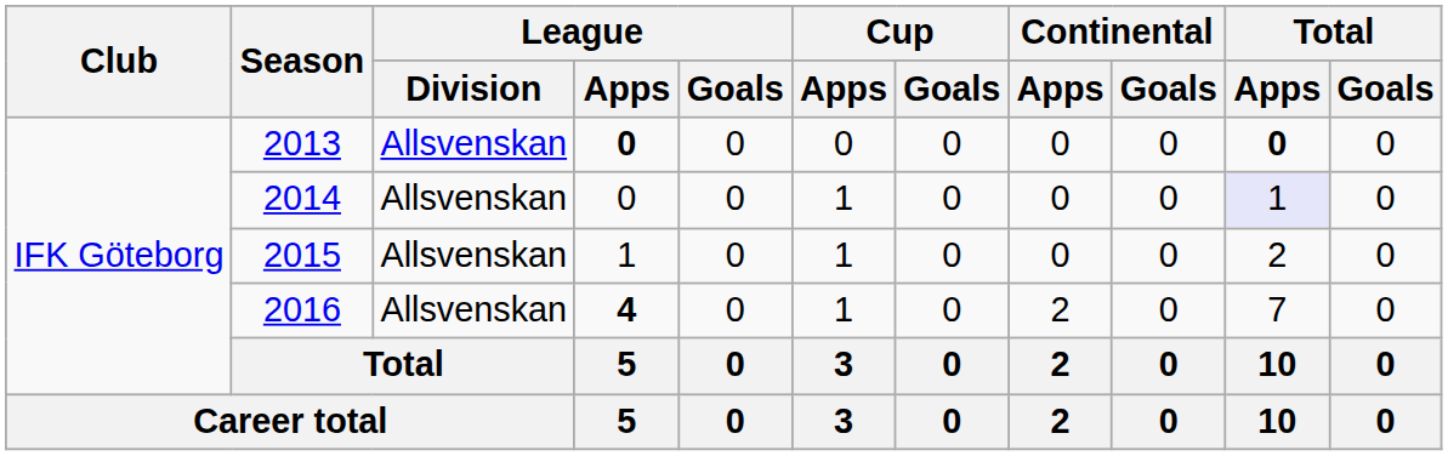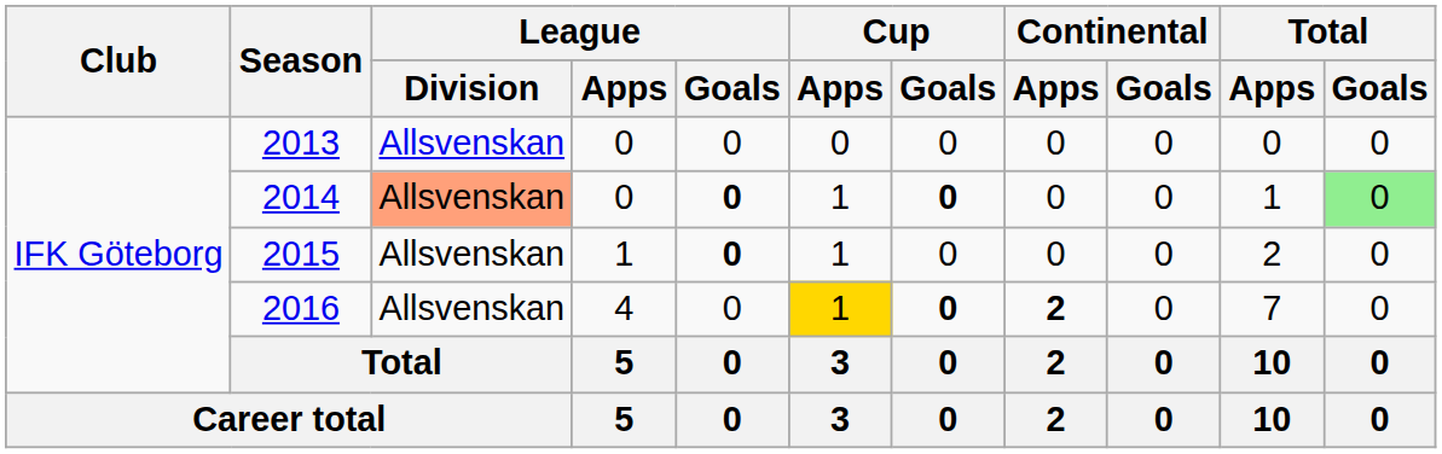 <table class="wikitable" style="text-align:center;">
 <tr>
 <th rowspan="2">Club</th>
 <th rowspan="2">Season</th>
 <th colspan="3">League</th>
 <th colspan="2">Cup</th>
 <th colspan="2">Continental</th>
 <th colspan="2">Total</th>
 </tr>
 <tr>
 <th>Division</th>
 <th>Apps</th>
 <th>Goals</th>
 <th>Apps</th>
 <th>Goals</th>
 <th>Apps</th>
 <th>Goals</th>
 <th>Apps</th>
 <th>Goals</th>
 </tr>
 <tr>
 <td rowspan="5"><a href='#'>IFK Göteborg</a></td>
 <td><a href='#'>2013</a></td>
 <td><a href='#'>Allsvenskan</a></td>
-<td><strong>0</strong></td>
 <td>0</td>
 <td>0</td>
 <td>0</td>
 <td>0</td>
 <td>0</td>
-<td><strong>0</strong></td>
+<td>0</td>
+<td>0</td>
 <td>0</td>
 </tr>
 <tr>
 <td><a href='#'>2014</a></td>
-<td>Allsvenskan</td>
+<td style="background: lightsalmon;">Allsvenskan</td>
+<td>0</td>
+<td><strong>0</strong></td>
+<td>1</td>
+<td><strong>0</strong></td>
 <td>0</td>
 <td>0</td>
 <td>1</td>
-<td>0</td>
-<td>0</td>
-<td>0</td>
-<td style="background: lavender;">1</td>
-<td>0</td>
+<td style="background: lightgreen;">0</td>
 </tr>
 <tr>
 <td><a href='#'>2015</a></td>
 <td>Allsvenskan</td>
 <td>1</td>
-<td>0</td>
+<td><strong>0</strong></td>
 <td>1</td>
 <td>0</td>
 <td>0</td>
 <td>0</td>
 <td>2</td>
 <td>0</td>
 </tr>
 <tr>
 <td><a href='#'>2016</a></td>
 <td>Allsvenskan</td>
-<td><strong>4</strong></td>
+<td>4</td>
 <td>0</td>
-<td>1</td>
-<td>0</td>
-<td>2</td>
+<td style="background: gold;">1</td>
+<td><strong>0</strong></td>
+<td><strong>2</strong></td>
 <td>0</td>
 <td>7</td>
 <td>0</td>
 </tr>
 <tr>
 <th colspan=2>Total</th>
 <th>5</th>
 <th>0</th>
 <th>3</th>
 <th>0</th>
 <th>2</th>
 <th>0</th>
 <th>10</th>
 <th>0</th>
 </tr>
 <tr>
 <th colspan="3">Career total</th>
 <th>5</th>
 <th>0</th>
 <th>3</th>
 <th>0</th>
 <th>2</th>
 <th>0</th>
 <th>10</th>
 <th>0</th>
 </tr>
 </table>
